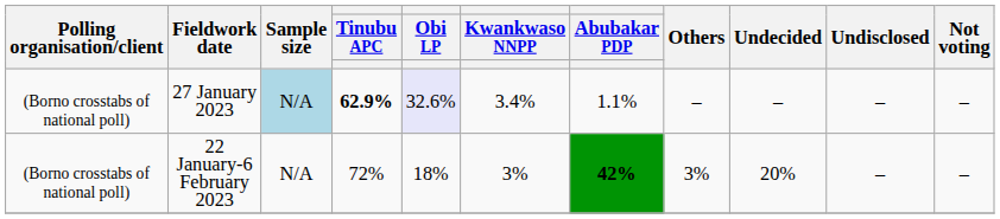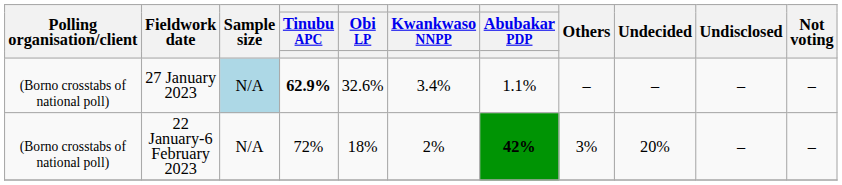 <table class="wikitable" style="text-align:center;font-size:95%;line-height:14px;">
 <tr>
 <th rowspan="3">Polling organisation/client</th>
 <th rowspan="3">Fieldwork<br>date</th>
 <th rowspan="3">Sample<br>size</th>
 <th></th>
 <th></th>
 <th></th>
 <th></th>
 <th rowspan="3">Others</th>
 <th rowspan="3">Undecided</th>
 <th rowspan="3">Undisclosed</th>
 <th rowspan="3">Not voting</th>
 </tr>
 <tr>
 <th><a href='#'>Tinubu</a><br><small><a href='#'>APC</a></small></th>
 <th><a href='#'>Obi</a><br><small><a href='#'>LP</a></small></th>
 <th><a href='#'>Kwankwaso</a><br><small><a href='#'>NNPP</a></small></th>
 <th><a href='#'>Abubakar</a><br><small><a href='#'>PDP</a></small></th>
 </tr>
 <tr>
 <th style="background:"></th>
 <th style="background:"></th>
 <th style="background:"></th>
 <th style="background:"></th>
 </tr>
 <tr>
 <td><br><small>(Borno crosstabs of national poll)</small></td>
 <td>27 January 2023</td>
 <td style="background: lightblue;">N/A</td>
 <td><strong>62.9%</strong></td>
-<td style="background: lavender;">32.6%</td>
+<td>32.6%</td>
 <td>3.4%</td>
 <td>1.1%</td>
 <td>–</td>
 <td>–</td>
 <td>–</td>
 <td>–</td>
 </tr>
 <tr>
 <td><br><small>(Borno crosstabs of national poll)</small></td>
 <td>22 January-6 February 2023</td>
 <td>N/A</td>
 <td>72%</td>
 <td>18%</td>
-<td>3%</td>
+<td>2%</td>
 <td bgcolor=#009404><strong>42%</strong></td>
 <td>3%</td>
 <td>20%</td>
 <td>–</td>
 <td>–</td>
 </tr>
 <tr>
 </tr>
 </table>
